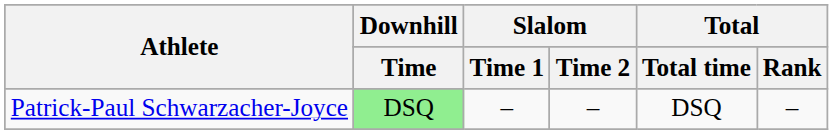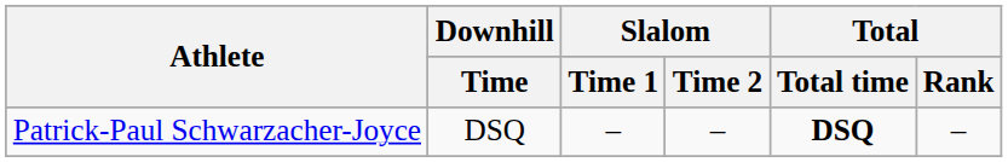 <table class="wikitable" style="font-size:90%">
 <tr>
 <th rowspan="2">Athlete</th>
 <th>Downhill</th>
 <th colspan="2">Slalom</th>
 <th colspan="2">Total</th>
 </tr>
 <tr>
 <th>Time</th>
 <th>Time 1</th>
 <th>Time 2</th>
 <th>Total time</th>
 <th>Rank</th>
 </tr>
 <tr>
 <td><a href='#'>Patrick-Paul Schwarzacher-Joyce</a></td>
-<td align="center" style="background: lightgreen;">DSQ</td>
+<td align="center">DSQ</td>
 <td align="center">–</td>
 <td align="center">–</td>
-<td align="center">DSQ</td>
+<td align="center"><strong>DSQ</strong></td>
 <td align="center">–</td>
 </tr>
 </table>
